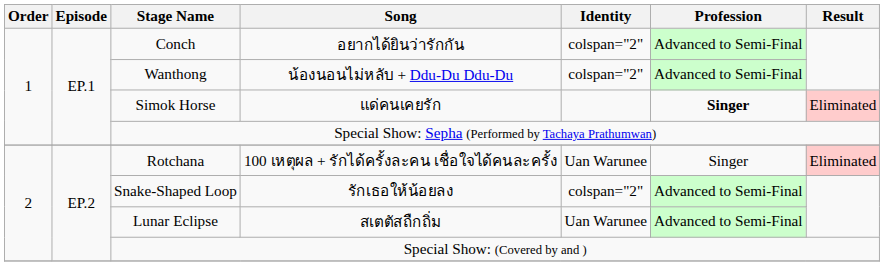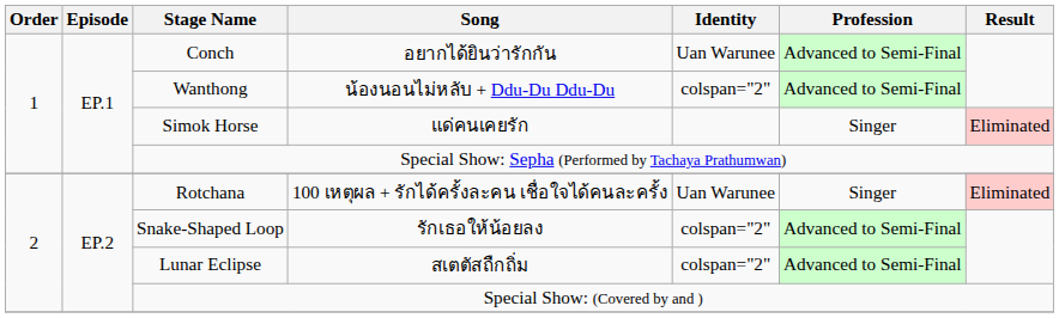 <table class="wikitable" style="text-align:center">
 <tr>
 <th>Order</th>
 <th>Episode</th>
 <th>Stage Name</th>
 <th>Song</th>
 <th>Identity</th>
 <th>Profession</th>
 <th>Result</th>
 </tr>
 <tr>
 <td rowspan="4">1</td>
 <td rowspan="4">EP.1</td>
 <td>Conch</td>
 <td>อยากได้ยินว่ารักกัน</td>
-<td>colspan="2"  </td>
+<td>Uan Warunee</td>
 <td style="text-align:center; background:#ccffcc;">Advanced to Semi-Final</td>
 </tr>
 <tr>
 <td>Wanthong</td>
 <td>น้องนอนไม่หลับ + <a href='#'>Ddu-Du Ddu-Du</a></td>
 <td>colspan="2"  </td>
 <td style="text-align:center; background:#ccffcc;">Advanced to Semi-Final</td>
 </tr>
 <tr>
 <td>Simok Horse</td>
 <td>แด่คนเคยรัก</td>
 <td></td>
-<td><strong>Singer</strong></td>
+<td>Singer</td>
 <td style="text-align:center; background:#ffcccc;">Eliminated</td>
 </tr>
 <tr>
 <td colspan="5">Special Show: <a href='#'>Sepha</a> <small>(Performed by <a href='#'>Tachaya Prathumwan</a>)</small></td>
 </tr>
 <tr>
 </tr>
 <tr>
 </tr>
 <tr>
 </tr>
 <tr>
 <td rowspan="4">2</td>
 <td rowspan="4">EP.2</td>
 <td>Rotchana</td>
 <td>100 เหตุผล + รักได้ครั้งละคน เชื่อใจได้คนละครั้ง</td>
 <td>Uan Warunee</td>
 <td>Singer</td>
 <td style="text-align:center; background:#ffcccc;">Eliminated</td>
 </tr>
 <tr>
 <td>Snake-Shaped Loop</td>
 <td>รักเธอให้น้อยลง</td>
 <td>colspan="2"  </td>
 <td style="text-align:center; background:#ccffcc;">Advanced to Semi-Final</td>
 </tr>
 <tr>
 <td>Lunar Eclipse</td>
 <td>สเตตัสถืกถิ่ม</td>
-<td>Uan Warunee</td>
+<td>colspan="2"  </td>
 <td style="text-align:center; background:#ccffcc;">Advanced to Semi-Final</td>
 </tr>
 <tr>
 <td colspan="5">Special Show:  <small>(Covered by  and )</small></td>
 </tr>
 <tr>
 </tr>
 </table>
